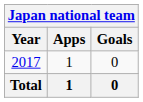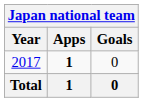 <table class="wikitable" style="text-align:center">
 <tr>
 <th colspan=3><a href='#'>Japan national team</a></th>
 </tr>
 <tr>
 <th>Year</th>
 <th>Apps</th>
 <th>Goals</th>
 </tr>
 <tr>
 <td><a href='#'>2017</a></td>
-<td>1</td>
+<td><strong>1</strong></td>
 <td>0</td>
 </tr>
 <tr>
 <th>Total</th>
 <th>1</th>
 <th>0</th>
 </tr>
 </table>
